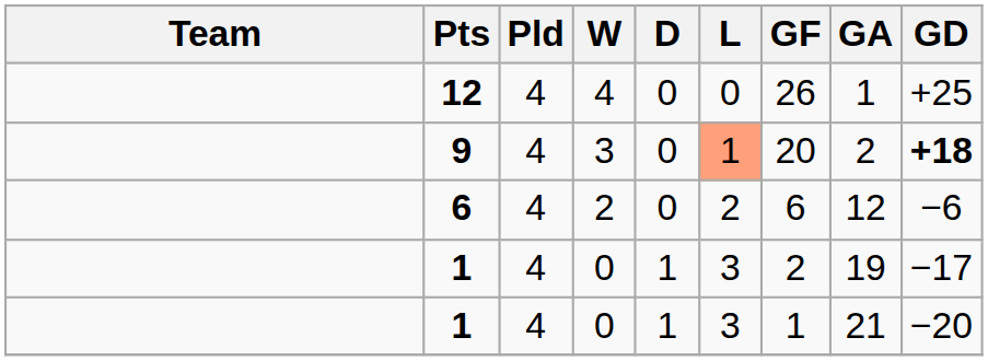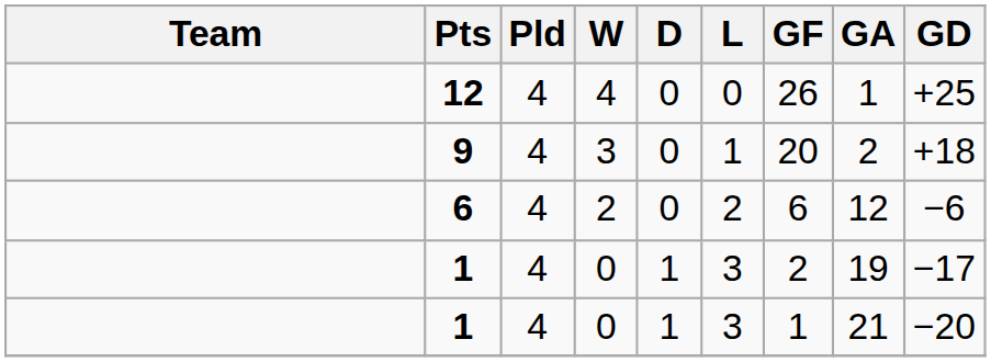 <table class=wikitable style="text-align:center">
 <tr>
 <th width=175>Team</th>
 <th width=20>Pts</th>
 <th width=20>Pld</th>
 <th width=20>W</th>
 <th width=20>D</th>
 <th width=20>L</th>
 <th width=20>GF</th>
 <th width=20>GA</th>
 <th width=20>GD</th>
 </tr>
 <tr>
 <td style="text-align:left;"></td>
 <td><strong>12</strong></td>
 <td>4</td>
 <td>4</td>
 <td>0</td>
 <td>0</td>
 <td>26</td>
 <td>1</td>
 <td>+25</td>
 </tr>
 <tr>
 <td style="text-align:left;"></td>
 <td><strong>9</strong></td>
 <td>4</td>
 <td>3</td>
 <td>0</td>
-<td style="background: lightsalmon;">1</td>
+<td>1</td>
 <td>20</td>
 <td>2</td>
-<td><strong>+18</strong></td>
+<td>+18</td>
 </tr>
 <tr>
 <td style="text-align:left;"></td>
 <td><strong>6</strong></td>
 <td>4</td>
 <td>2</td>
 <td>0</td>
 <td>2</td>
 <td>6</td>
 <td>12</td>
 <td>−6</td>
 </tr>
 <tr>
 <td style="text-align:left;"></td>
 <td><strong>1</strong></td>
 <td>4</td>
 <td>0</td>
 <td>1</td>
 <td>3</td>
 <td>2</td>
 <td>19</td>
 <td>−17</td>
 </tr>
 <tr>
 <td style="text-align:left;"></td>
 <td><strong>1</strong></td>
 <td>4</td>
 <td>0</td>
 <td>1</td>
 <td>3</td>
 <td>1</td>
 <td>21</td>
 <td>−20</td>
 </tr>
 <tr>
 </tr>
 </table>
